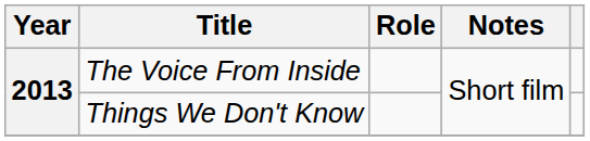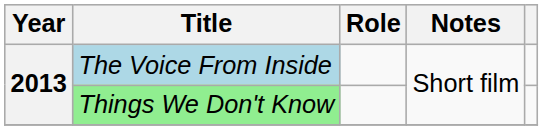 <table class="wikitable sortable plainrowheaders">
 <tr>
 <th scope="col">Year</th>
 <th scope="col">Title</th>
 <th scope="col">Role</th>
 <th scope="col">Notes</th>
 <th scope="col" class="unsortable"></th>
 </tr>
 <tr>
 <th scope="row"  rowspan="2">2013</th>
-<td><em> The Voice From Inside </em></td>
+<td style="background: lightblue;"><em> The Voice From Inside </em></td>
 <td></td>
 <td rowspan=2>Short film</td>
 <td style="text-align:center"></td>
 </tr>
 <tr>
-<td><em> Things We Don't Know </em></td>
+<td style="background: lightgreen;"><em> Things We Don't Know </em></td>
 <td></td>
 <td></td>
 </tr>
 <tr>
 </tr>
 </table>
